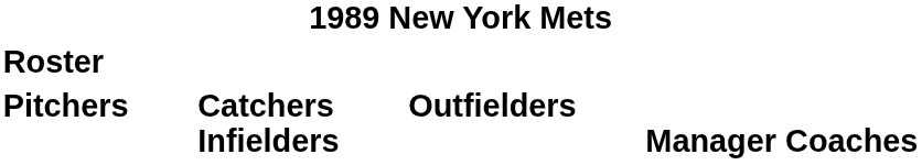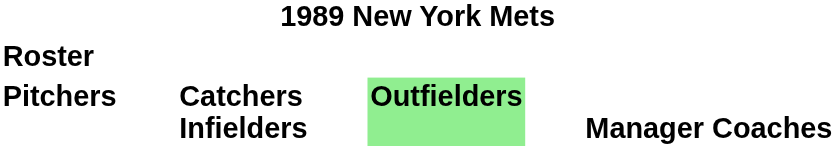 <table class="toccolours" style="font-size: 95%;">
 <tr>
 <th colspan="10">1989 New York Mets</th>
 </tr>
 <tr>
 <td colspan="10"><strong>Roster</strong></td>
 </tr>
 <tr>
 <td valign="top"><strong>Pitchers</strong><br>                   </td>
 <td width="25px"></td>
 <td valign="top"><strong>Catchers</strong><br>    <strong>Infielders</strong>          </td>
 <td width="25px"></td>
-<td valign="top"><strong>Outfielders</strong><br>       </td>
+<td valign="top" style="background: lightgreen;"><strong>Outfielders</strong><br>       </td>
 <td width="25px"></td>
 <td valign="top"><br><strong>Manager</strong>  <strong>Coaches</strong>     </td>
 </tr>
 </table>
